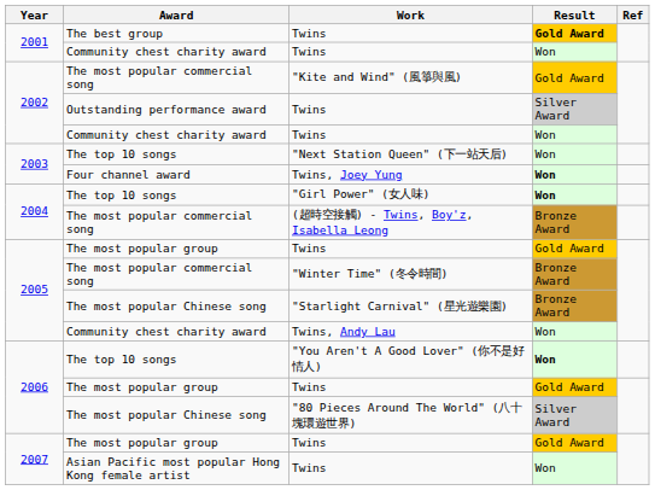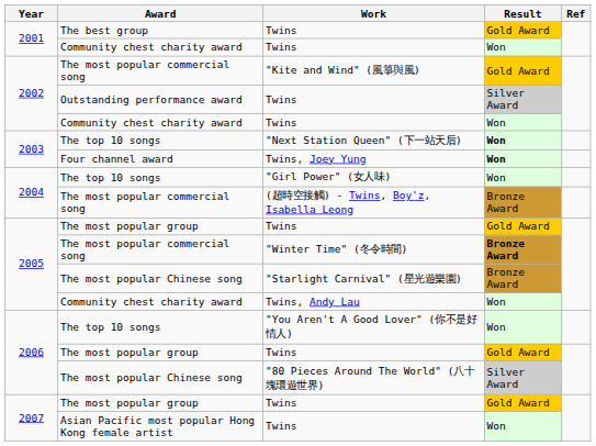 <table class="wikitable">
 <tr>
 <th width=60>Year</th>
 <th width="250">Award</th>
 <th width="270">Work</th>
 <th width="90">Result</th>
 <th width="30">Ref</th>
 </tr>
 <tr>
 <td rowspan="2" align="center"><a href='#'>2001</a></td>
 <td>The best group</td>
 <td>Twins</td>
-<td style="background: #FFCC00"><strong><div>Gold Award</div></strong></td>
+<td style="background: #FFCC00"><div>Gold Award</div></td>
 <td rowspan = "2" align="center"></td>
 </tr>
 <tr>
 <td>Community chest charity award</td>
 <td>Twins</td>
 <td style="background:#ddffdd"><div>Won</div></td>
 </tr>
 <tr>
 <td rowspan="3" align="center"><a href='#'>2002</a></td>
 <td>The most popular commercial song</td>
 <td>"Kite and Wind" (風箏與風)</td>
 <td style="background: #FFCC00"><div>Gold Award</div></td>
 <td rowspan = "3" align="center"></td>
 </tr>
 <tr>
 <td>Outstanding performance award</td>
 <td>Twins</td>
 <td style="background:#cdcdcd"><div>Silver Award</div></td>
 </tr>
 <tr>
 <td>Community chest charity award</td>
 <td>Twins</td>
 <td style="background:#ddffdd"><div>Won</div></td>
 </tr>
 <tr>
 <td rowspan="2" align="center"><a href='#'>2003</a></td>
 <td>The top 10 songs</td>
 <td>"Next Station Queen" (下一站天后)</td>
-<td style="background: #ddffdd"><div>Won</div></td>
+<td style="background: #ddffdd"><strong><div>Won</div></strong></td>
 <td align="center"></td>
 </tr>
 <tr>
 <td>Four channel award</td>
 <td>Twins, <a href='#'>Joey Yung</a></td>
 <td style="background:#ddffdd"><strong><div>Won</div></strong></td>
 <td align="center"></td>
 </tr>
 <tr>
 <td rowspan="2" align="center"><a href='#'>2004</a></td>
 <td>The top 10 songs</td>
 <td>"Girl Power" (女人味)</td>
-<td style="background: #ddffdd"><strong><div>Won</div></strong></td>
+<td style="background: #ddffdd"><div>Won</div></td>
 <td align="center"></td>
 </tr>
 <tr>
 <td>The most popular commercial song</td>
 <td>(超時空接觸) - <a href='#'>Twins</a>, <a href='#'>Boy'z</a>, <a href='#'>Isabella Leong</a></td>
 <td style="background: #CC9933"><div>Bronze Award</div></td>
 <td align="center"></td>
 </tr>
 <tr>
 <td rowspan="4" align="center"><a href='#'>2005</a></td>
 <td>The most popular group</td>
 <td>Twins</td>
 <td style="background: #FFCC00"><div>Gold Award</div></td>
 <td rowspan = "4" align="center"></td>
 </tr>
 <tr>
 <td>The most popular commercial song</td>
 <td>"Winter Time" (冬令時間)</td>
-<td style="background: #CC9933"><div>Bronze Award</div></td>
+<td style="background: #CC9933"><strong><div>Bronze Award</div></strong></td>
 </tr>
 <tr>
 <td>The most popular Chinese song</td>
 <td>"Starlight Carnival" (星光遊樂園)</td>
 <td style="background: #CC9933"><div>Bronze Award</div></td>
 </tr>
 <tr>
 <td>Community chest charity award</td>
 <td>Twins, <a href='#'>Andy Lau</a></td>
 <td style="background:#ddffdd"><div>Won</div></td>
 </tr>
 <tr>
 <td rowspan="3" align="center"><a href='#'>2006</a></td>
 <td>The top 10 songs</td>
 <td>"You Aren't A Good Lover" (你不是好情人)</td>
-<td style="background: #ddffdd"><strong><div>Won</div></strong></td>
+<td style="background: #ddffdd"><div>Won</div></td>
 <td align="center"></td>
 </tr>
 <tr>
 <td>The most popular group</td>
 <td>Twins</td>
 <td style="background: #FFCC00"><div>Gold Award</div></td>
 <td rowspan = "2" align="center"></td>
 </tr>
 <tr>
 <td>The most popular Chinese song</td>
 <td>"80 Pieces Around The World" (八十塊環遊世界)</td>
 <td style="background: #cdcdcd"><div>Silver Award</div></td>
 </tr>
 <tr>
 <td rowspan="2" align="center"><a href='#'>2007</a></td>
 <td>The most popular group</td>
 <td>Twins</td>
 <td style="background: #FFCC00"><div>Gold Award</div></td>
 <td rowspan ="2" align="center"></td>
 </tr>
 <tr>
 <td>Asian Pacific most popular Hong Kong female artist</td>
 <td>Twins</td>
 <td style="background: #ddffdd"><div>Won</div></td>
 </tr>
 </table>
